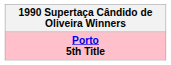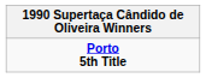 <table class="wikitable" style="text-align: center; margin: 0 auto; width: 20%">
 <tr>
 <th>1990 Supertaça Cândido de Oliveira Winners</th>
 </tr>
 <tr>
-<td style="background: pink;"><strong><a href='#'>Porto</a></strong><br><strong>5th Title</strong></td>
+<td><strong><a href='#'>Porto</a></strong><br><strong>5th Title</strong></td>
 </tr>
 </table>
